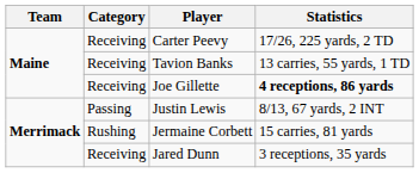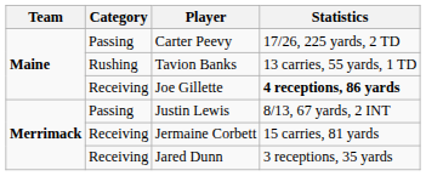 <table class="wikitable" style="float: right;">
 <tr>
 <th>Team</th>
 <th>Category</th>
 <th>Player</th>
 <th>Statistics</th>
 </tr>
 <tr>
 <td rowspan=3><strong>Maine</strong></td>
-<td>Receiving</td>
+<td>Passing</td>
 <td>Carter Peevy</td>
 <td>17/26, 225 yards, 2 TD</td>
 </tr>
 <tr>
-<td>Receiving</td>
+<td>Rushing</td>
 <td>Tavion Banks</td>
 <td>13 carries, 55 yards, 1 TD</td>
 </tr>
 <tr>
 <td>Receiving</td>
 <td>Joe Gillette</td>
 <td><strong>4 receptions, 86 yards</strong></td>
 </tr>
 <tr>
 <td rowspan=3><strong>Merrimack</strong></td>
 <td>Passing</td>
 <td>Justin Lewis</td>
 <td>8/13, 67 yards, 2 INT</td>
 </tr>
 <tr>
-<td>Rushing</td>
+<td>Receiving</td>
 <td>Jermaine Corbett</td>
 <td>15 carries, 81 yards</td>
 </tr>
 <tr>
 <td>Receiving</td>
 <td>Jared Dunn</td>
 <td>3 receptions, 35 yards</td>
 </tr>
 </table>
